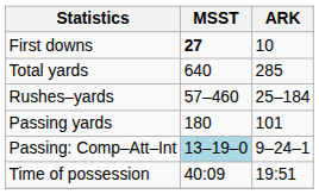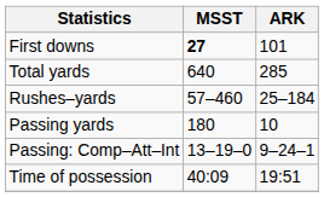 <table class="wikitable" style="float: left;">
 <tr>
 <th>Statistics</th>
 <th>MSST</th>
 <th>ARK</th>
 </tr>
 <tr>
 <td>First downs</td>
 <td><strong>27</strong></td>
-<td>10</td>
+<td>101</td>
 </tr>
 <tr>
 <td>Total yards</td>
 <td>640</td>
 <td>285</td>
 </tr>
 <tr>
 <td>Rushes–yards</td>
 <td>57–460</td>
 <td>25–184</td>
 </tr>
 <tr>
 <td>Passing yards</td>
 <td>180</td>
-<td>101</td>
+<td>10</td>
 </tr>
 <tr>
 <td>Passing: Comp–Att–Int</td>
-<td style="background: lightblue;">13–19–0</td>
+<td>13–19–0</td>
 <td>9–24–1</td>
 </tr>
 <tr>
 <td>Time of possession</td>
 <td>40:09</td>
 <td>19:51</td>
 </tr>
 <tr>
 </tr>
 </table>
